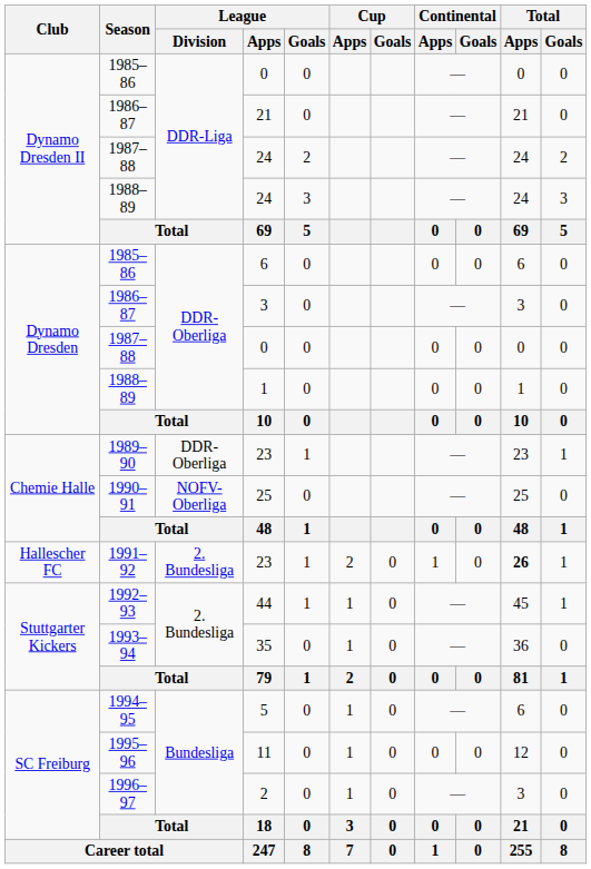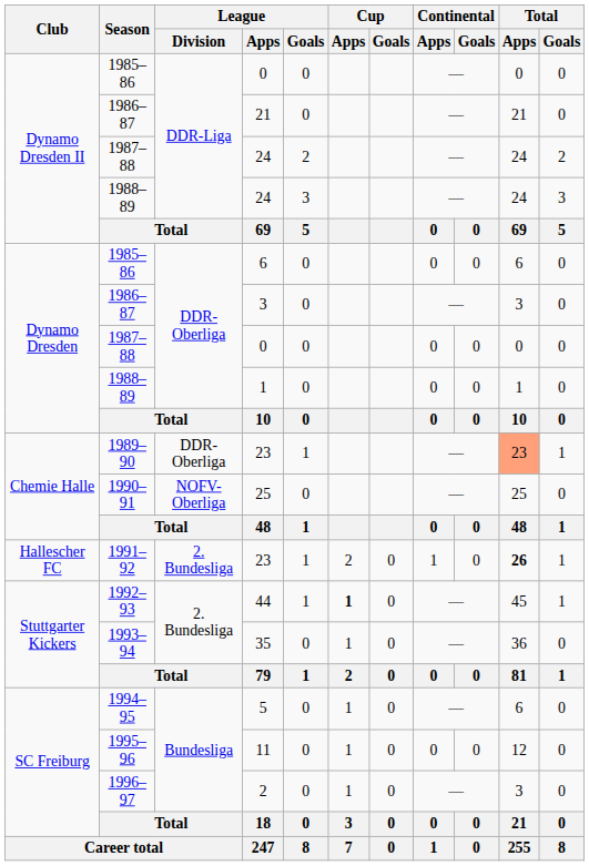 <table class="wikitable" style="text-align:center">
 <tr>
 <th rowspan="2">Club</th>
 <th rowspan="2">Season</th>
 <th colspan="3">League</th>
 <th colspan="2">Cup</th>
 <th colspan="2">Continental</th>
 <th colspan="2">Total</th>
 </tr>
 <tr>
 <th>Division</th>
 <th>Apps</th>
 <th>Goals</th>
 <th>Apps</th>
 <th>Goals</th>
 <th>Apps</th>
 <th>Goals</th>
 <th>Apps</th>
 <th>Goals</th>
 </tr>
 <tr>
 <td rowspan="5"><a href='#'>Dynamo Dresden II</a></td>
 <td>1985–86</td>
 <td rowspan="4"><a href='#'>DDR-Liga</a></td>
 <td>0</td>
 <td>0</td>
 <td></td>
 <td></td>
 <td colspan="2">—</td>
 <td>0</td>
 <td>0</td>
 </tr>
 <tr>
 <td>1986–87</td>
 <td>21</td>
 <td>0</td>
 <td></td>
 <td></td>
 <td colspan="2">—</td>
 <td>21</td>
 <td>0</td>
 </tr>
 <tr>
 <td>1987–88</td>
 <td>24</td>
 <td>2</td>
 <td></td>
 <td></td>
 <td colspan="2">—</td>
 <td>24</td>
 <td>2</td>
 </tr>
 <tr>
 <td>1988–89</td>
 <td>24</td>
 <td>3</td>
 <td></td>
 <td></td>
 <td colspan="2">—</td>
 <td>24</td>
 <td>3</td>
 </tr>
 <tr>
 <th colspan="2">Total</th>
 <th>69</th>
 <th>5</th>
 <th></th>
 <th></th>
 <th>0</th>
 <th>0</th>
 <th>69</th>
 <th>5</th>
 </tr>
 <tr>
 <td rowspan="5"><a href='#'>Dynamo Dresden</a></td>
 <td><a href='#'>1985–86</a></td>
 <td rowspan="4"><a href='#'>DDR-Oberliga</a></td>
 <td>6</td>
 <td>0</td>
 <td></td>
 <td></td>
 <td>0</td>
 <td>0</td>
 <td>6</td>
 <td>0</td>
 </tr>
 <tr>
 <td><a href='#'>1986–87</a></td>
 <td>3</td>
 <td>0</td>
 <td></td>
 <td></td>
 <td colspan="2">—</td>
 <td>3</td>
 <td>0</td>
 </tr>
 <tr>
 <td><a href='#'>1987–88</a></td>
 <td>0</td>
 <td>0</td>
 <td></td>
 <td></td>
 <td>0</td>
 <td>0</td>
 <td>0</td>
 <td>0</td>
 </tr>
 <tr>
 <td><a href='#'>1988–89</a></td>
 <td>1</td>
 <td>0</td>
 <td></td>
 <td></td>
 <td>0</td>
 <td>0</td>
 <td>1</td>
 <td>0</td>
 </tr>
 <tr>
 <th colspan="2">Total</th>
 <th>10</th>
 <th>0</th>
 <th></th>
 <th></th>
 <th>0</th>
 <th>0</th>
 <th>10</th>
 <th>0</th>
 </tr>
 <tr>
 <td rowspan="3"><a href='#'>Chemie Halle</a></td>
 <td><a href='#'>1989–90</a></td>
 <td>DDR-Oberliga</td>
 <td>23</td>
 <td>1</td>
 <td></td>
 <td></td>
 <td colspan="2">—</td>
-<td>23</td>
+<td style="background: lightsalmon;">23</td>
 <td>1</td>
 </tr>
 <tr>
 <td><a href='#'>1990–91</a></td>
 <td><a href='#'>NOFV-Oberliga</a></td>
 <td>25</td>
 <td>0</td>
 <td></td>
 <td></td>
 <td colspan="2">—</td>
 <td>25</td>
 <td>0</td>
 </tr>
 <tr>
 <th colspan="2">Total</th>
 <th>48</th>
 <th>1</th>
 <th></th>
 <th></th>
 <th>0</th>
 <th>0</th>
 <th>48</th>
 <th>1</th>
 </tr>
 <tr>
 <td><a href='#'>Hallescher FC</a></td>
 <td><a href='#'>1991–92</a></td>
 <td><a href='#'>2. Bundesliga</a></td>
 <td>23</td>
 <td>1</td>
 <td>2</td>
 <td>0</td>
 <td>1</td>
 <td>0</td>
 <td><strong>26</strong></td>
 <td>1</td>
 </tr>
 <tr>
 <td rowspan="3"><a href='#'>Stuttgarter Kickers</a></td>
 <td><a href='#'>1992–93</a></td>
 <td rowspan="2">2. Bundesliga</td>
 <td>44</td>
 <td>1</td>
-<td>1</td>
+<td><strong>1</strong></td>
 <td>0</td>
 <td colspan="2">—</td>
 <td>45</td>
 <td>1</td>
 </tr>
 <tr>
 <td><a href='#'>1993–94</a></td>
 <td>35</td>
 <td>0</td>
 <td>1</td>
 <td>0</td>
 <td colspan="2">—</td>
 <td>36</td>
 <td>0</td>
 </tr>
 <tr>
 <th colspan="2">Total</th>
 <th>79</th>
 <th>1</th>
 <th>2</th>
 <th>0</th>
 <th>0</th>
 <th>0</th>
 <th>81</th>
 <th>1</th>
 </tr>
 <tr>
 <td rowspan="4"><a href='#'>SC Freiburg</a></td>
 <td><a href='#'>1994–95</a></td>
 <td rowspan="3"><a href='#'>Bundesliga</a></td>
 <td>5</td>
 <td>0</td>
 <td>1</td>
 <td>0</td>
 <td colspan="2">—</td>
 <td>6</td>
 <td>0</td>
 </tr>
 <tr>
 <td><a href='#'>1995–96</a></td>
 <td>11</td>
 <td>0</td>
 <td>1</td>
 <td>0</td>
 <td>0</td>
 <td>0</td>
 <td>12</td>
 <td>0</td>
 </tr>
 <tr>
 <td><a href='#'>1996–97</a></td>
 <td>2</td>
 <td>0</td>
 <td>1</td>
 <td>0</td>
 <td colspan="2">—</td>
 <td>3</td>
 <td>0</td>
 </tr>
 <tr>
 <th colspan="2">Total</th>
 <th>18</th>
 <th>0</th>
 <th>3</th>
 <th>0</th>
 <th>0</th>
 <th>0</th>
 <th>21</th>
 <th>0</th>
 </tr>
 <tr>
 <th colspan="3">Career total</th>
 <th>247</th>
 <th>8</th>
 <th>7</th>
 <th>0</th>
 <th>1</th>
 <th>0</th>
 <th>255</th>
 <th>8</th>
 </tr>
 </table>
